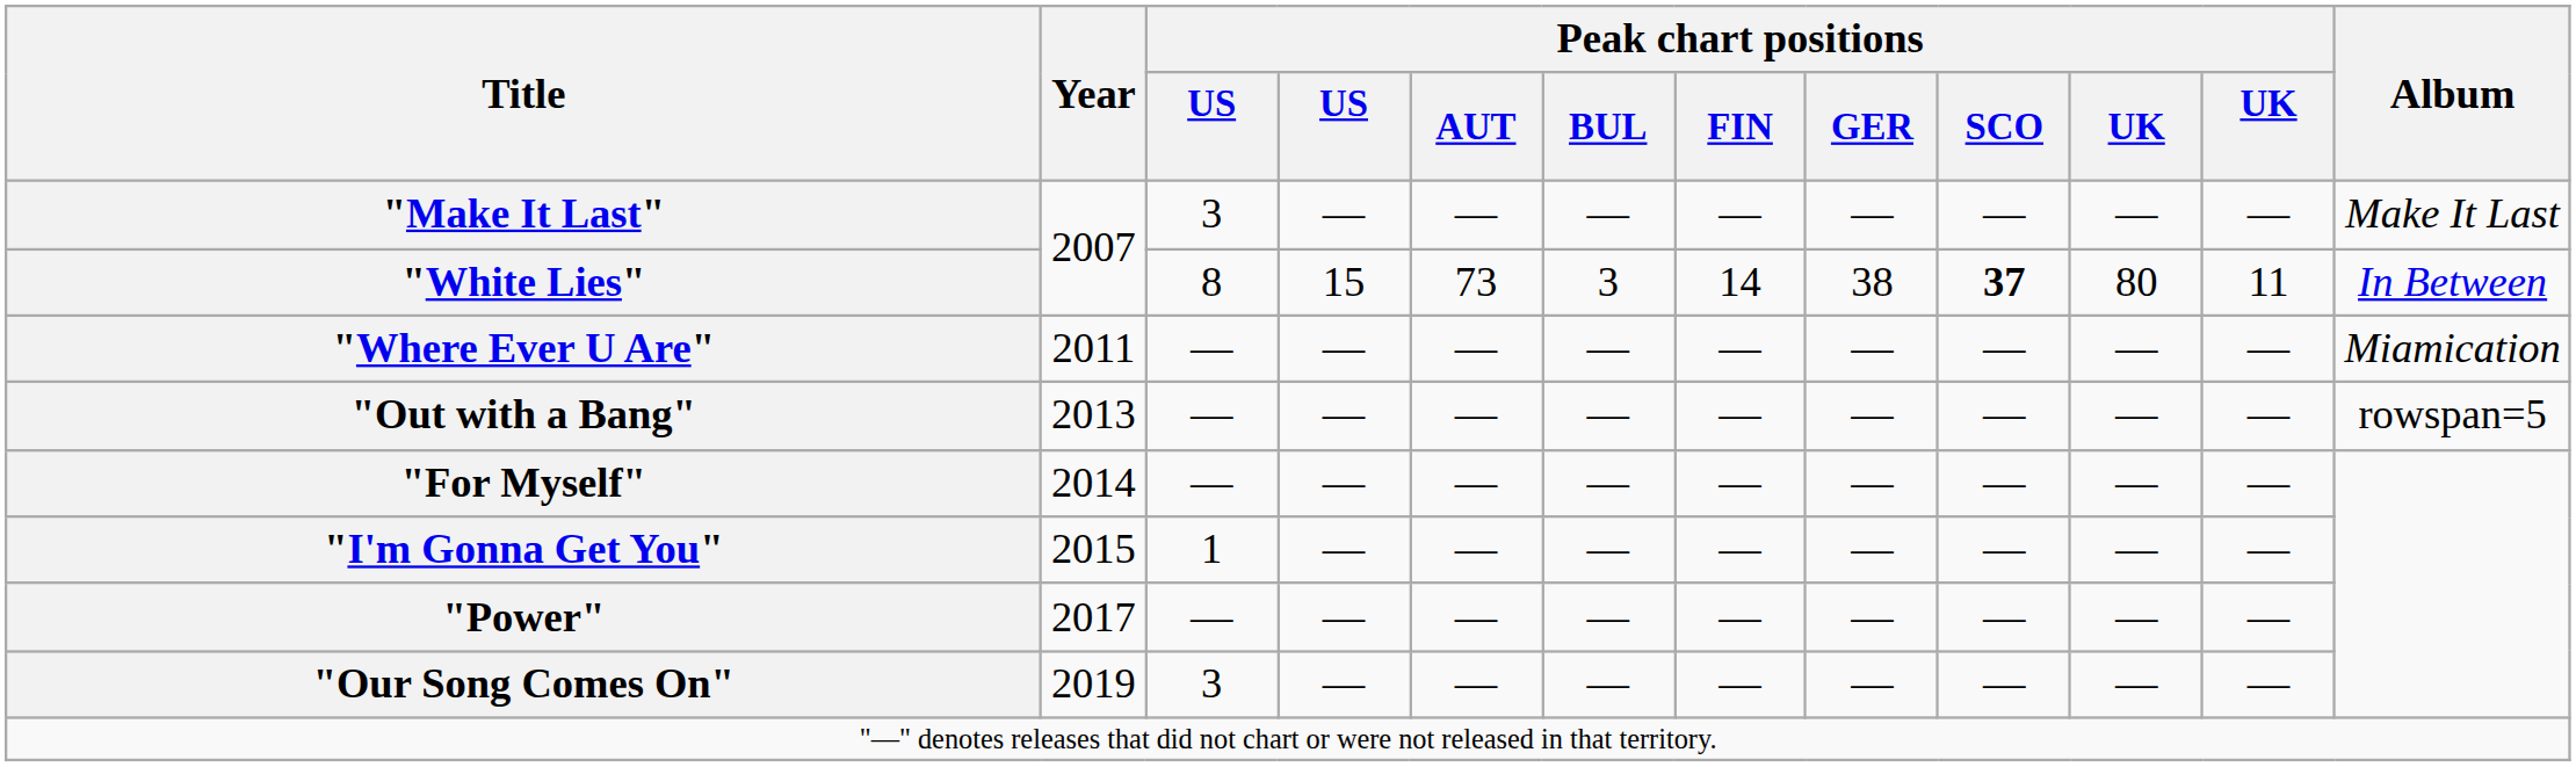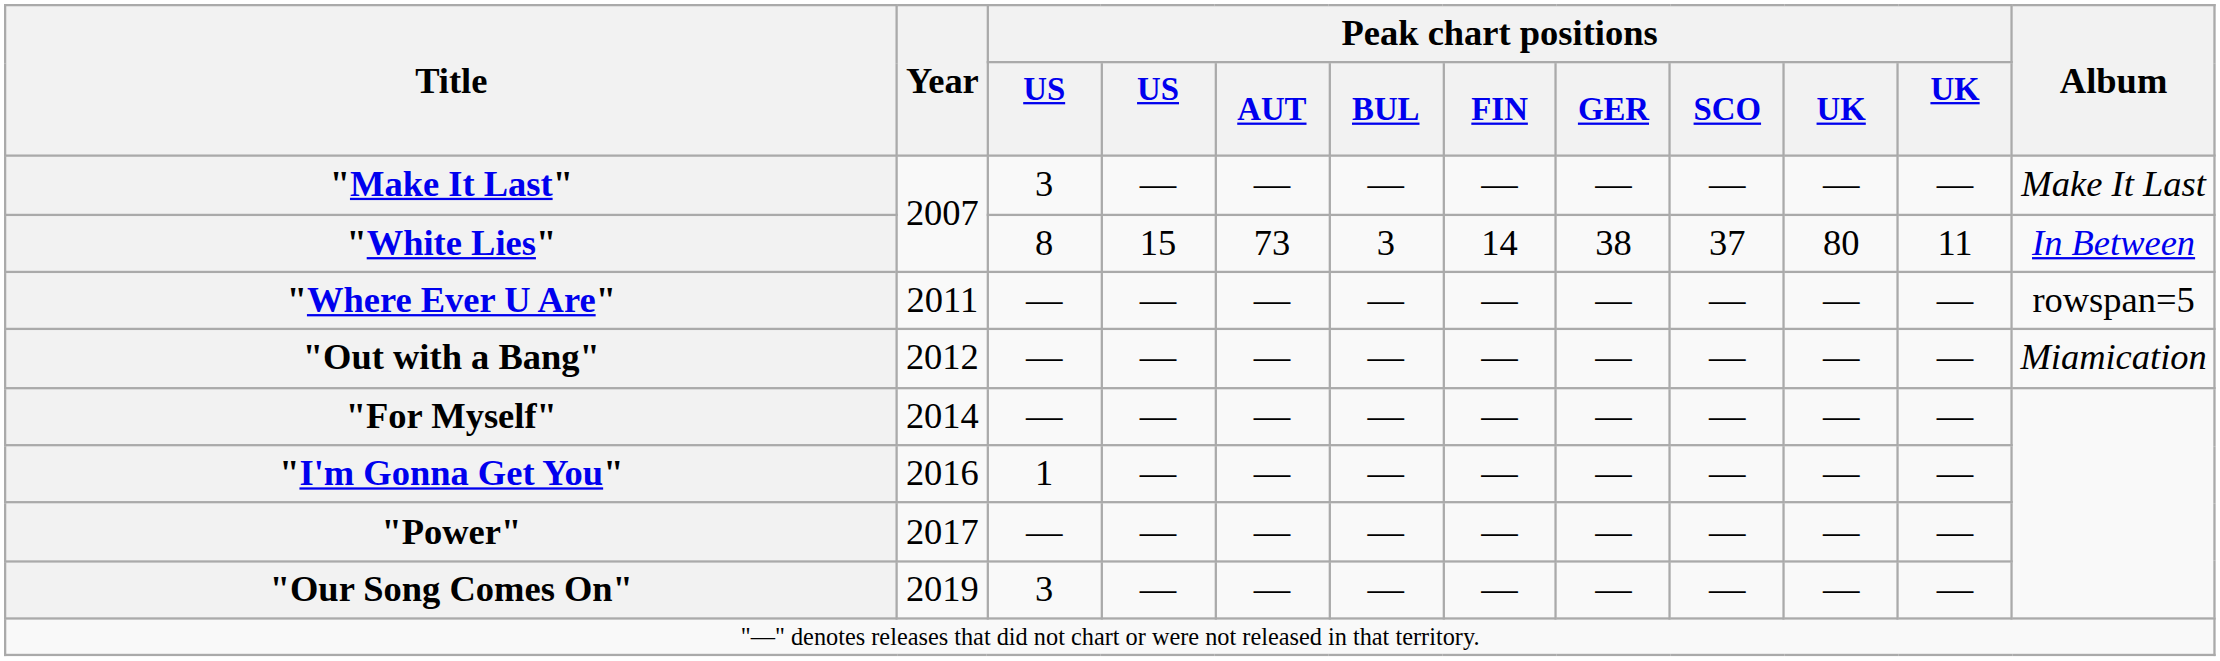 <table class="wikitable plainrowheaders" style="text-align:center;">
 <tr>
 <th scope="col" rowspan="2" style="width:24em;">Title</th>
 <th scope="col" rowspan="2">Year</th>
 <th scope="col" colspan="9">Peak chart positions</th>
 <th scope="col" rowspan="2">Album</th>
 </tr>
 <tr>
 <th scope="col" style="width:3em;font-size:90%;"><a href='#'>US<br></a><br></th>
 <th scope="col" style="width:3em;font-size:90%;"><a href='#'>US<br></a><br></th>
 <th scope="col" style="width:3em;font-size:90%;"><a href='#'>AUT</a><br></th>
 <th scope="col" style="width:3em;font-size:90%;"><a href='#'>BUL</a><br></th>
 <th scope="col" style="width:3em;font-size:90%;"><a href='#'>FIN</a><br></th>
 <th scope="col" style="width:3em;font-size:90%;"><a href='#'>GER</a><br></th>
 <th scope="col" style="width:3em;font-size:90%;"><a href='#'>SCO</a><br></th>
 <th scope="col" style="width:3em;font-size:90%;"><a href='#'>UK</a><br></th>
 <th scope="col" style="width:3em;font-size:90%;"><a href='#'>UK<br></a><br></th>
 </tr>
 <tr>
 <th scope="row">"<a href='#'>Make It Last</a>"<br></th>
 <td rowspan="2">2007</td>
 <td>3</td>
 <td>—</td>
 <td>—</td>
 <td>—</td>
 <td>—</td>
 <td>—</td>
 <td>—</td>
 <td>—</td>
 <td>—</td>
 <td><em>Make It Last</em></td>
 </tr>
 <tr>
 <th scope="row">"<a href='#'>White Lies</a>"<br></th>
 <td>8</td>
 <td>15</td>
 <td>73</td>
 <td>3</td>
 <td>14</td>
 <td>38</td>
-<td><strong>37</strong></td>
+<td>37</td>
 <td>80</td>
 <td>11</td>
 <td><em><a href='#'>In Between</a></em></td>
 </tr>
 <tr>
 <th scope="row">"<a href='#'>Where Ever U Are</a>"<br></th>
 <td>2011</td>
 <td>—</td>
 <td>—</td>
 <td>—</td>
 <td>—</td>
 <td>—</td>
 <td>—</td>
 <td>—</td>
 <td>—</td>
 <td>—</td>
-<td><em>Miamication</em></td>
+<td>rowspan=5 </td>
 </tr>
 <tr>
 <th scope="row">"Out with a Bang"<br></th>
-<td>2013</td>
+<td>2012</td>
 <td>—</td>
 <td>—</td>
 <td>—</td>
 <td>—</td>
 <td>—</td>
 <td>—</td>
 <td>—</td>
 <td>—</td>
 <td>—</td>
-<td>rowspan=5 </td>
+<td><em>Miamication</em></td>
 </tr>
 <tr>
 <th scope="row">"For Myself"<br></th>
 <td>2014</td>
 <td>—</td>
 <td>—</td>
 <td>—</td>
 <td>—</td>
 <td>—</td>
 <td>—</td>
 <td>—</td>
 <td>—</td>
 <td>—</td>
 </tr>
 <tr>
 <th scope="row">"<a href='#'>I'm Gonna Get You</a>"<br></th>
-<td>2015</td>
+<td>2016</td>
 <td>1</td>
 <td>—</td>
 <td>—</td>
 <td>—</td>
 <td>—</td>
 <td>—</td>
 <td>—</td>
 <td>—</td>
 <td>—</td>
 </tr>
 <tr>
 <th scope="row">"Power"<br></th>
 <td>2017</td>
 <td>—</td>
 <td>—</td>
 <td>—</td>
 <td>—</td>
 <td>—</td>
 <td>—</td>
 <td>—</td>
 <td>—</td>
 <td>—</td>
 </tr>
 <tr>
 <th scope="row">"Our Song Comes On"<br></th>
 <td>2019</td>
 <td>3</td>
 <td>—</td>
 <td>—</td>
 <td>—</td>
 <td>—</td>
 <td>—</td>
 <td>—</td>
 <td>—</td>
 <td>—</td>
 </tr>
 <tr>
 <td colspan="15" style="text-align:center; font-size:8pt;">"—" denotes releases that did not chart or were not released in that territory.</td>
 </tr>
 </table>
